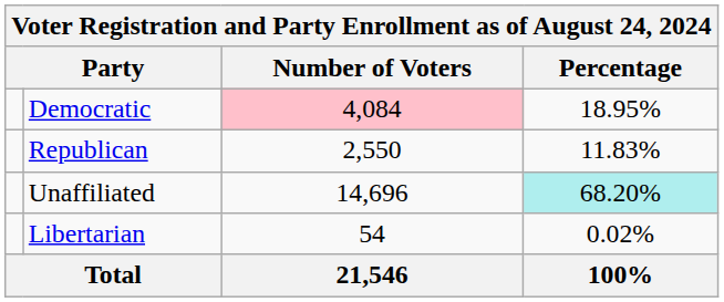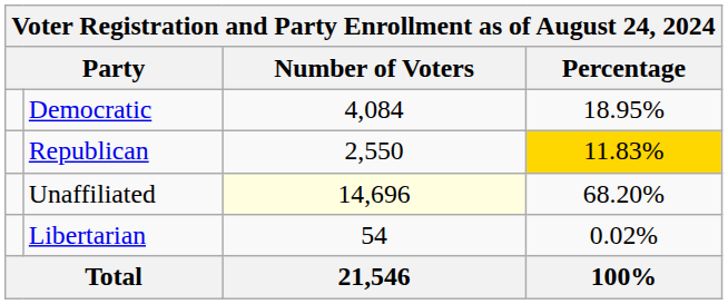 <table class=wikitable>
 <tr>
 <th colspan = 6>Voter Registration and Party Enrollment as of August 24, 2024</th>
 </tr>
 <tr>
 <th colspan = 2>Party</th>
 <th>Number of Voters</th>
 <th>Percentage</th>
 </tr>
 <tr>
 <td></td>
 <td><a href='#'>Democratic</a></td>
-<td style="background: pink; text-align:center;">4,084</td>
+<td style="text-align:center;">4,084</td>
 <td style="text-align:center;">18.95%</td>
 </tr>
 <tr>
 <td></td>
 <td><a href='#'>Republican</a></td>
 <td style="text-align:center;">2,550</td>
-<td style="text-align:center;">11.83%</td>
+<td style="background: gold; text-align:center;">11.83%</td>
 </tr>
 <tr>
 <td></td>
 <td>Unaffiliated</td>
-<td style="text-align:center;">14,696</td>
-<td style="background: paleturquoise; text-align:center;">68.20%</td>
+<td style="background: lightyellow; text-align:center;">14,696</td>
+<td style="text-align:center;">68.20%</td>
 </tr>
 <tr>
 <td></td>
 <td><a href='#'>Libertarian</a></td>
 <td style="text-align:center;">54</td>
 <td style="text-align:center;">0.02%</td>
 </tr>
 <tr>
 <th colspan = 2>Total</th>
 <th style="text-align:center;">21,546</th>
 <th style="text-align:center;">100%</th>
 </tr>
 </table>
